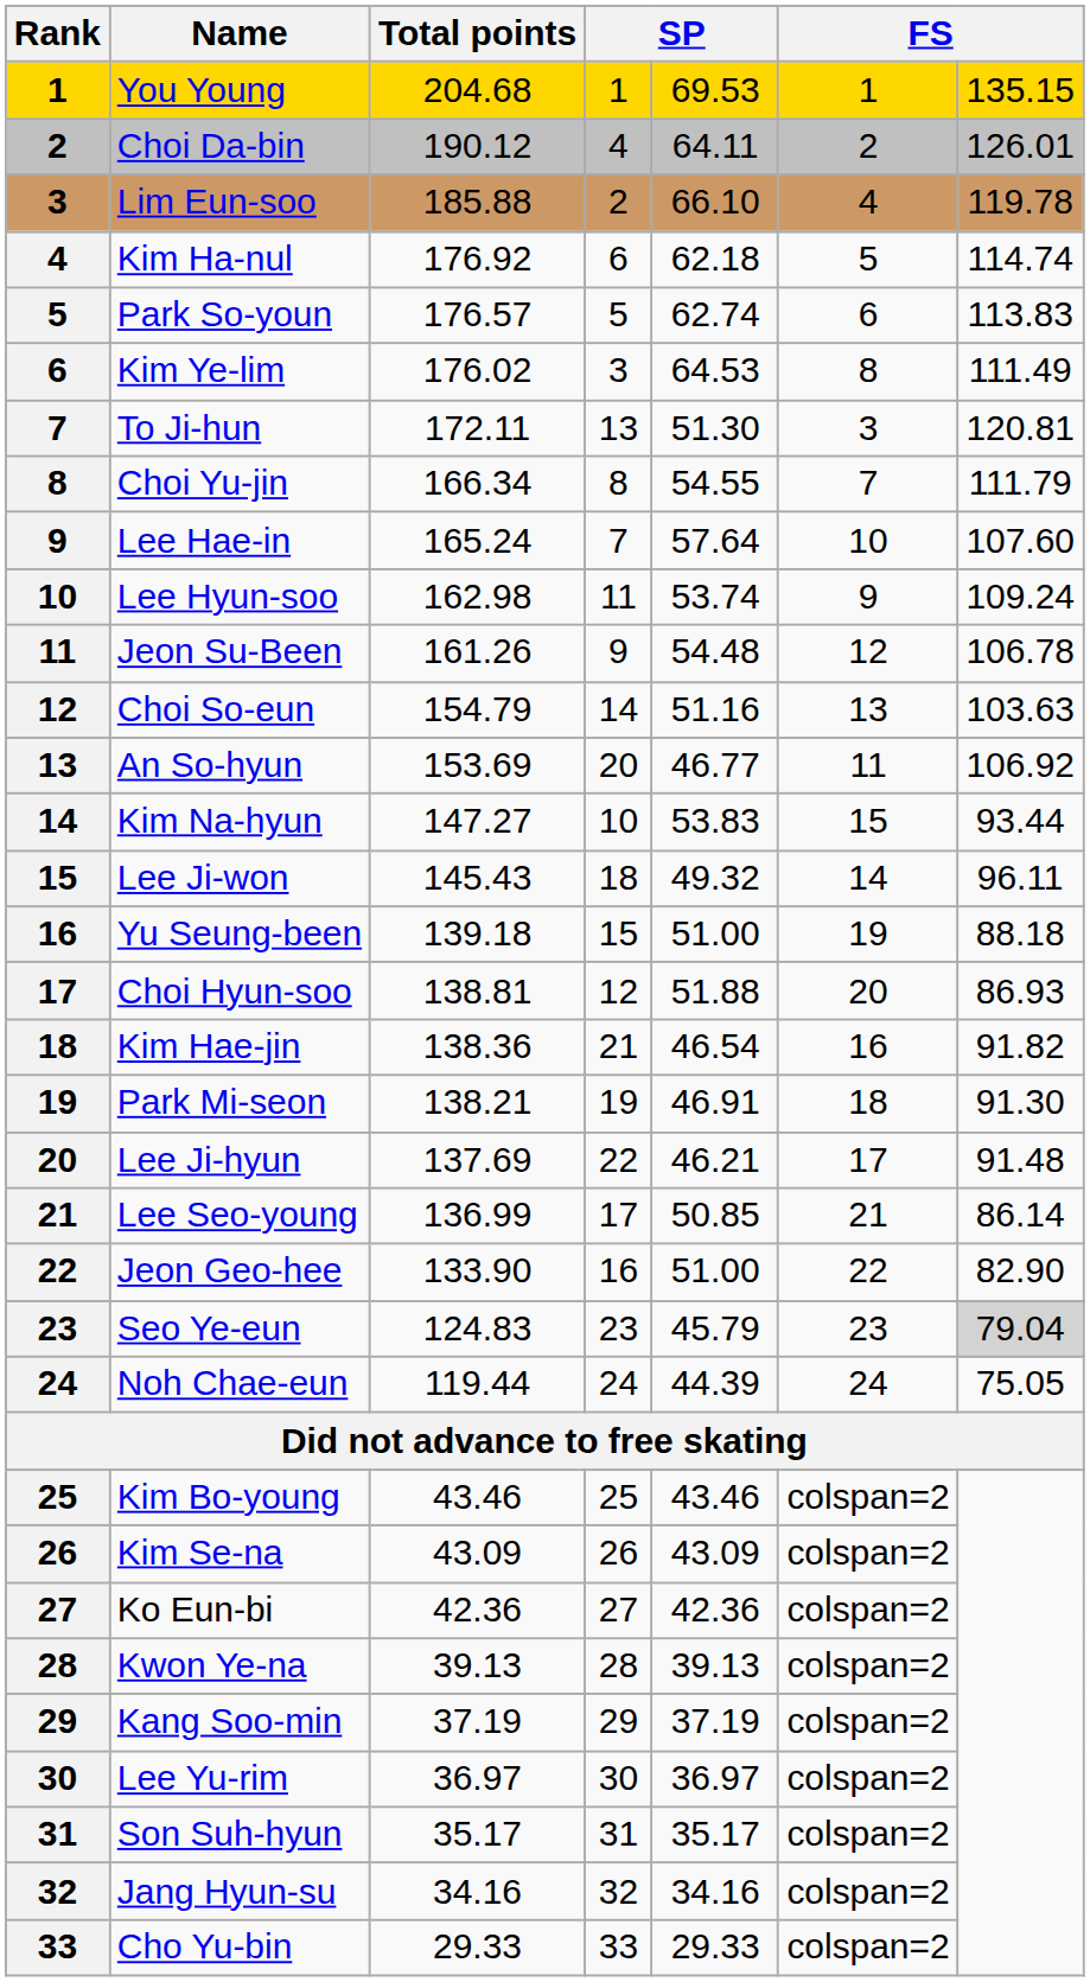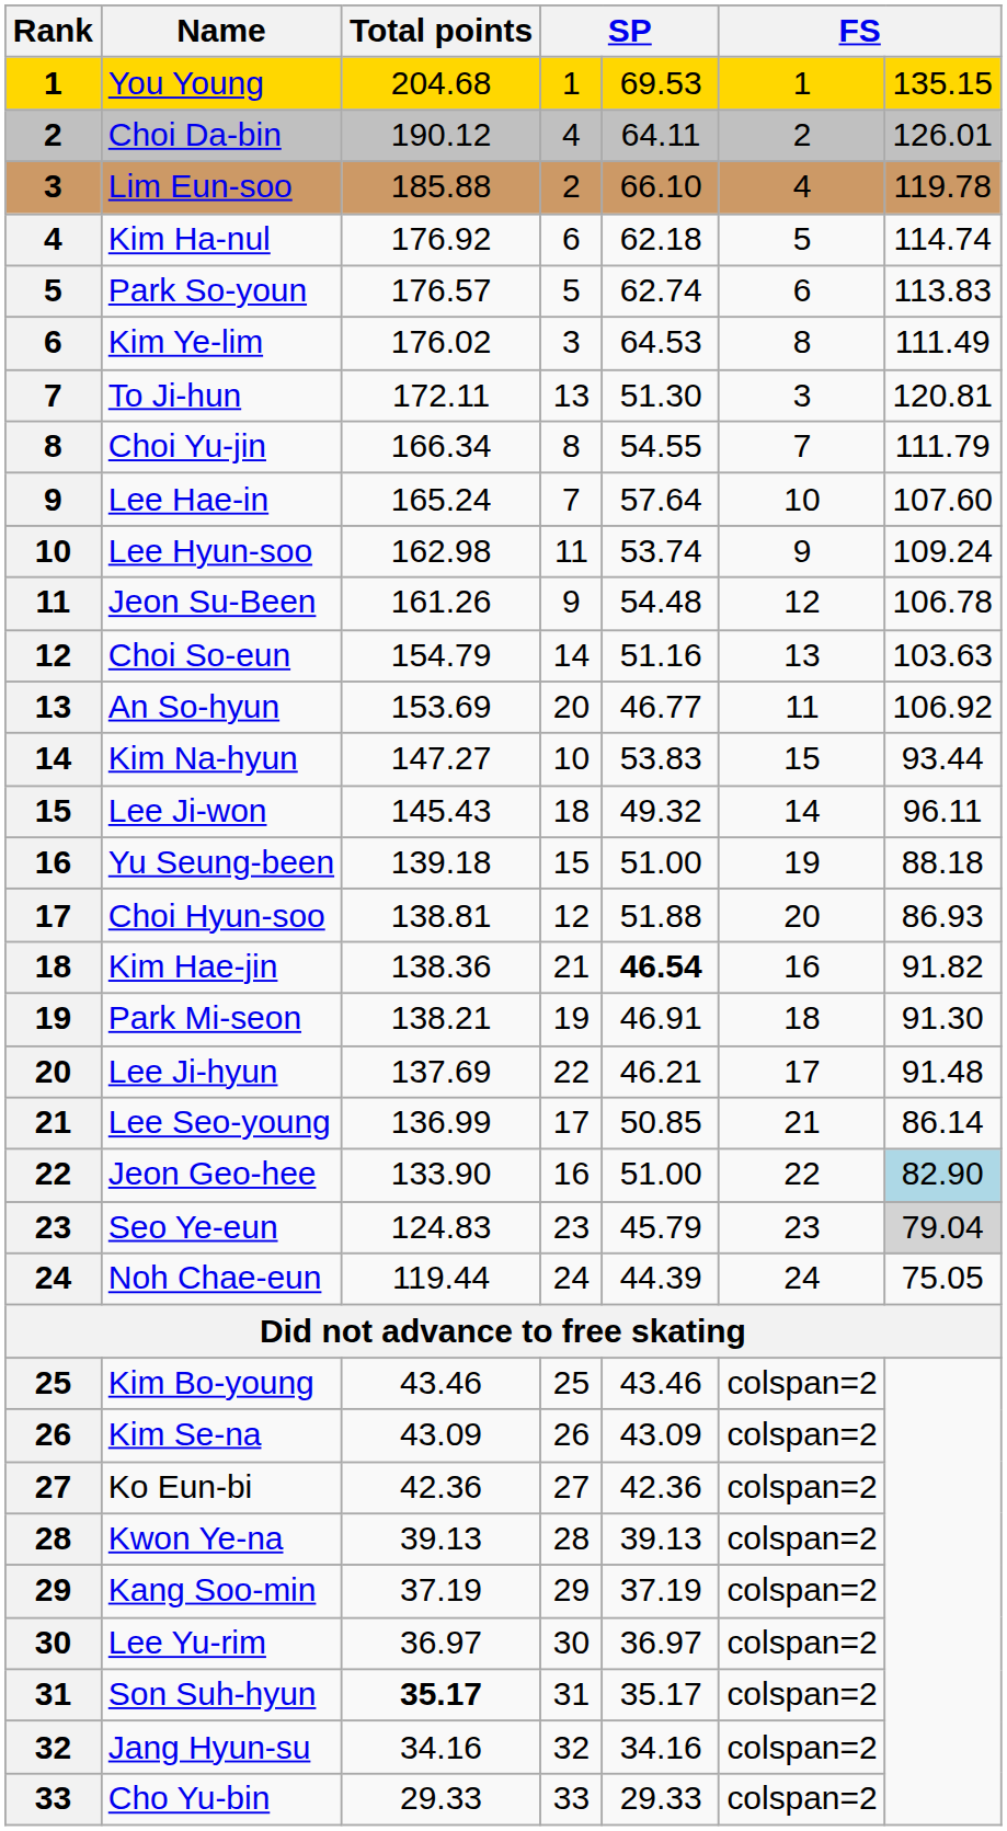 <table class="wikitable sortable">
 <tr>
 <th>Rank</th>
 <th>Name</th>
 <th>Total points</th>
 <th colspan="2" width="80px"><a href='#'>SP</a></th>
 <th colspan="2" width="80px"><a href='#'>FS</a></th>
 </tr>
 <tr bgcolor="gold">
 <td align="center"><strong>1</strong></td>
 <td><a href='#'>You Young</a></td>
 <td align="center">204.68</td>
 <td align="center">1</td>
 <td align="center">69.53</td>
 <td align="center">1</td>
 <td align="center">135.15</td>
 </tr>
 <tr bgcolor="silver">
 <td align="center"><strong>2</strong></td>
 <td><a href='#'>Choi Da-bin</a></td>
 <td align="center">190.12</td>
 <td align="center">4</td>
 <td align="center">64.11</td>
 <td align="center">2</td>
 <td align="center">126.01</td>
 </tr>
 <tr bgcolor="cc9966">
 <td align="center"><strong>3</strong></td>
 <td><a href='#'>Lim Eun-soo</a></td>
 <td align="center">185.88</td>
 <td align="center">2</td>
 <td align="center">66.10</td>
 <td align="center">4</td>
 <td align="center">119.78</td>
 </tr>
 <tr>
 <th>4</th>
 <td><a href='#'>Kim Ha-nul</a></td>
 <td align="center">176.92</td>
 <td align="center">6</td>
 <td align="center">62.18</td>
 <td align="center">5</td>
 <td align="center">114.74</td>
 </tr>
 <tr>
 <th>5</th>
 <td><a href='#'>Park So-youn</a></td>
 <td align="center">176.57</td>
 <td align="center">5</td>
 <td align="center">62.74</td>
 <td align="center">6</td>
 <td align="center">113.83</td>
 </tr>
 <tr>
 <th>6</th>
 <td><a href='#'>Kim Ye-lim</a></td>
 <td align="center">176.02</td>
 <td align="center">3</td>
 <td align="center">64.53</td>
 <td align="center">8</td>
 <td align="center">111.49</td>
 </tr>
 <tr>
 <th>7</th>
 <td><a href='#'>To Ji-hun</a></td>
 <td align="center">172.11</td>
 <td align="center">13</td>
 <td align="center">51.30</td>
 <td align="center">3</td>
 <td align="center">120.81</td>
 </tr>
 <tr>
 <th>8</th>
 <td><a href='#'>Choi Yu-jin</a></td>
 <td align="center">166.34</td>
 <td align="center">8</td>
 <td align="center">54.55</td>
 <td align="center">7</td>
 <td align="center">111.79</td>
 </tr>
 <tr>
 <th>9</th>
 <td><a href='#'>Lee Hae-in</a></td>
 <td align="center">165.24</td>
 <td align="center">7</td>
 <td align="center">57.64</td>
 <td align="center">10</td>
 <td align="center">107.60</td>
 </tr>
 <tr>
 <th>10</th>
 <td><a href='#'>Lee Hyun-soo</a></td>
 <td align="center">162.98</td>
 <td align="center">11</td>
 <td align="center">53.74</td>
 <td align="center">9</td>
 <td align="center">109.24</td>
 </tr>
 <tr>
 <th>11</th>
 <td><a href='#'>Jeon Su-Been</a></td>
 <td align="center">161.26</td>
 <td align="center">9</td>
 <td align="center">54.48</td>
 <td align="center">12</td>
 <td align="center">106.78</td>
 </tr>
 <tr>
 <th>12</th>
 <td><a href='#'>Choi So-eun</a></td>
 <td align="center">154.79</td>
 <td align="center">14</td>
 <td align="center">51.16</td>
 <td align="center">13</td>
 <td align="center">103.63</td>
 </tr>
 <tr>
 <th>13</th>
 <td><a href='#'>An So-hyun</a></td>
 <td align="center">153.69</td>
 <td align="center">20</td>
 <td align="center">46.77</td>
 <td align="center">11</td>
 <td align="center">106.92</td>
 </tr>
 <tr>
 <th>14</th>
 <td><a href='#'>Kim Na-hyun</a></td>
 <td align="center">147.27</td>
 <td align="center">10</td>
 <td align="center">53.83</td>
 <td align="center">15</td>
 <td align="center">93.44</td>
 </tr>
 <tr>
 <th>15</th>
 <td><a href='#'>Lee Ji-won</a></td>
 <td align="center">145.43</td>
 <td align="center">18</td>
 <td align="center">49.32</td>
 <td align="center">14</td>
 <td align="center">96.11</td>
 </tr>
 <tr>
 <th>16</th>
 <td><a href='#'>Yu Seung-been</a></td>
 <td align="center">139.18</td>
 <td align="center">15</td>
 <td align="center">51.00</td>
 <td align="center">19</td>
 <td align="center">88.18</td>
 </tr>
 <tr>
 <th>17</th>
 <td><a href='#'>Choi Hyun-soo</a></td>
 <td align="center">138.81</td>
 <td align="center">12</td>
 <td align="center">51.88</td>
 <td align="center">20</td>
 <td align="center">86.93</td>
 </tr>
 <tr>
 <th>18</th>
 <td><a href='#'>Kim Hae-jin</a></td>
 <td align="center">138.36</td>
 <td align="center">21</td>
-<td align="center">46.54</td>
+<td align="center"><strong>46.54</strong></td>
 <td align="center">16</td>
 <td align="center">91.82</td>
 </tr>
 <tr>
 <th>19</th>
 <td><a href='#'>Park Mi-seon</a></td>
 <td align="center">138.21</td>
 <td align="center">19</td>
 <td align="center">46.91</td>
 <td align="center">18</td>
 <td align="center">91.30</td>
 </tr>
 <tr>
 <th>20</th>
 <td><a href='#'>Lee Ji-hyun</a></td>
 <td align="center">137.69</td>
 <td align="center">22</td>
 <td align="center">46.21</td>
 <td align="center">17</td>
 <td align="center">91.48</td>
 </tr>
 <tr>
 <th>21</th>
 <td><a href='#'>Lee Seo-young</a></td>
 <td align="center">136.99</td>
 <td align="center">17</td>
 <td align="center">50.85</td>
 <td align="center">21</td>
 <td align="center">86.14</td>
 </tr>
 <tr>
 <th>22</th>
 <td><a href='#'>Jeon Geo-hee</a></td>
 <td align="center">133.90</td>
 <td align="center">16</td>
 <td align="center">51.00</td>
 <td align="center">22</td>
-<td align="center">82.90</td>
+<td align="center" style="background: lightblue;">82.90</td>
 </tr>
 <tr>
 <th>23</th>
 <td><a href='#'>Seo Ye-eun</a></td>
 <td align="center">124.83</td>
 <td align="center">23</td>
 <td align="center">45.79</td>
 <td align="center">23</td>
 <td align="center" style="background: lightgrey;">79.04</td>
 </tr>
 <tr>
 <th>24</th>
 <td><a href='#'>Noh Chae-eun</a></td>
 <td align="center">119.44</td>
 <td align="center">24</td>
 <td align="center">44.39</td>
 <td align="center">24</td>
 <td align="center">75.05</td>
 </tr>
 <tr>
 <th colspan=7>Did not advance to free skating</th>
 </tr>
 <tr>
 <th>25</th>
 <td><a href='#'>Kim Bo-young</a></td>
 <td align="center">43.46</td>
 <td align="center">25</td>
 <td align="center">43.46</td>
 <td>colspan=2 </td>
 </tr>
 <tr>
 <th>26</th>
 <td><a href='#'>Kim Se-na</a></td>
 <td align="center">43.09</td>
 <td align="center">26</td>
 <td align="center">43.09</td>
 <td>colspan=2 </td>
 </tr>
 <tr>
 <th>27</th>
 <td>Ko Eun-bi</td>
 <td align="center">42.36</td>
 <td align="center">27</td>
 <td align="center">42.36</td>
 <td>colspan=2 </td>
 </tr>
 <tr>
 <th>28</th>
 <td><a href='#'>Kwon Ye-na</a></td>
 <td align="center">39.13</td>
 <td align="center">28</td>
 <td align="center">39.13</td>
 <td>colspan=2 </td>
 </tr>
 <tr>
 <th>29</th>
 <td><a href='#'>Kang Soo-min</a></td>
 <td align="center">37.19</td>
 <td align="center">29</td>
 <td align="center">37.19</td>
 <td>colspan=2 </td>
 </tr>
 <tr>
 <th>30</th>
 <td><a href='#'>Lee Yu-rim</a></td>
 <td align="center">36.97</td>
 <td align="center">30</td>
 <td align="center">36.97</td>
 <td>colspan=2 </td>
 </tr>
 <tr>
 <th>31</th>
 <td><a href='#'>Son Suh-hyun</a></td>
-<td align="center">35.17</td>
+<td align="center"><strong>35.17</strong></td>
 <td align="center">31</td>
 <td align="center">35.17</td>
 <td>colspan=2 </td>
 </tr>
 <tr>
 <th>32</th>
 <td><a href='#'>Jang Hyun-su</a></td>
 <td align="center">34.16</td>
 <td align="center">32</td>
 <td align="center">34.16</td>
 <td>colspan=2 </td>
 </tr>
 <tr>
 <th>33</th>
 <td><a href='#'>Cho Yu-bin</a></td>
 <td align="center">29.33</td>
 <td align="center">33</td>
 <td align="center">29.33</td>
 <td>colspan=2 </td>
 </tr>
 </table>
